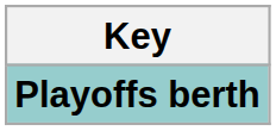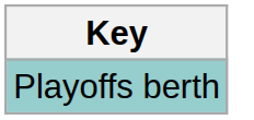 <table class="wikitable" style="font-size:90%">
 <tr>
 <th>Key</th>
 </tr>
 <tr>
-<td align="center" bgcolor="#96CDCD"><strong>Playoffs berth</strong></td>
+<td align="center" bgcolor="#96CDCD">Playoffs berth</td>
 </tr>
 </table>
